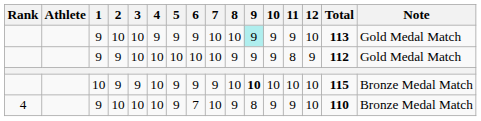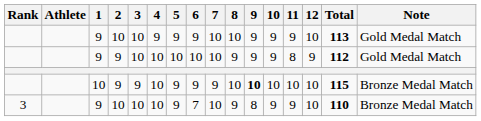 <table class=wikitable style="text-align:center;">
 <tr>
 <th>Rank</th>
 <th>Athlete</th>
 <th>1</th>
 <th>2</th>
 <th>3</th>
 <th>4</th>
 <th>5</th>
 <th>6</th>
 <th>7</th>
 <th>8</th>
 <th>9</th>
 <th>10</th>
 <th>11</th>
 <th>12</th>
 <th>Total</th>
 <th>Note</th>
 </tr>
 <tr>
 <td></td>
 <td align=left></td>
 <td>9</td>
 <td>10</td>
 <td>10</td>
 <td>9</td>
 <td>9</td>
 <td>9</td>
 <td>10</td>
 <td>10</td>
-<td style="background: paleturquoise;">9</td>
+<td>9</td>
 <td>9</td>
 <td>9</td>
 <td>10</td>
 <td><strong>113</strong></td>
 <td align=left>Gold Medal Match</td>
 </tr>
 <tr>
 <td></td>
 <td align=left></td>
 <td>9</td>
 <td>9</td>
 <td>10</td>
 <td>10</td>
 <td>10</td>
 <td>10</td>
 <td>10</td>
 <td>9</td>
 <td>9</td>
 <td>9</td>
 <td>8</td>
 <td>9</td>
 <td><strong>112</strong></td>
 <td align=left>Gold Medal Match</td>
 </tr>
 <tr>
 <th colspan=16></th>
 </tr>
 <tr>
 <td></td>
 <td align=left></td>
 <td>10</td>
 <td>9</td>
 <td>9</td>
 <td>10</td>
 <td>9</td>
 <td>9</td>
 <td>9</td>
 <td>10</td>
 <td><strong>10</strong></td>
 <td>10</td>
 <td>10</td>
 <td>10</td>
 <td><strong>115</strong></td>
 <td align=left>Bronze Medal Match</td>
 </tr>
 <tr>
-<td>4</td>
+<td>3</td>
 <td align=left></td>
 <td>9</td>
 <td>10</td>
 <td>10</td>
 <td>10</td>
 <td>9</td>
 <td>7</td>
 <td>10</td>
 <td>9</td>
 <td>8</td>
 <td>9</td>
 <td>9</td>
 <td>10</td>
 <td><strong>110</strong></td>
 <td align=left>Bronze Medal Match</td>
 </tr>
 </table>
